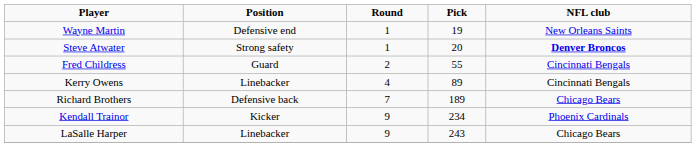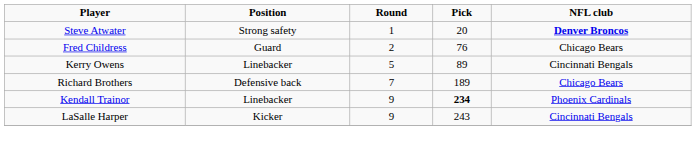 <table class="wikitable" width="80%">
 <tr align="center">
 <td><strong>Player</strong></td>
 <td><strong>Position</strong></td>
 <td><strong>Round</strong></td>
 <td><strong>Pick</strong></td>
 <td><strong>NFL club</strong></td>
-</tr>
-<tr align="center" bgcolor="">
-<td><a href='#'>Wayne Martin</a></td>
-<td>Defensive end</td>
-<td>1</td>
-<td>19</td>
-<td><a href='#'>New Orleans Saints</a></td>
 </tr>
 <tr align="center" bgcolor="">
 <td><a href='#'>Steve Atwater</a></td>
 <td>Strong safety</td>
 <td>1</td>
 <td>20</td>
 <td><strong><a href='#'>Denver Broncos</a></strong></td>
 </tr>
 <tr align="center" bgcolor="">
 <td><a href='#'>Fred Childress</a></td>
 <td>Guard</td>
 <td>2</td>
-<td>55</td>
-<td><a href='#'>Cincinnati Bengals</a></td>
+<td>76</td>
+<td>Chicago Bears</td>
 </tr>
 <tr align="center" bgcolor="">
 <td>Kerry Owens</td>
 <td>Linebacker</td>
-<td>4</td>
+<td>5</td>
 <td>89</td>
 <td>Cincinnati Bengals</td>
 </tr>
 <tr align="center" bgcolor="">
 <td>Richard Brothers</td>
 <td>Defensive back</td>
 <td>7</td>
 <td>189</td>
 <td><a href='#'>Chicago Bears</a></td>
 </tr>
 <tr align="center" bgcolor="">
 <td><a href='#'>Kendall Trainor</a></td>
-<td>Kicker</td>
+<td>Linebacker</td>
 <td>9</td>
-<td>234</td>
+<td><strong>234</strong></td>
 <td><a href='#'>Phoenix Cardinals</a></td>
 </tr>
 <tr align="center" bgcolor="">
 <td>LaSalle Harper</td>
-<td>Linebacker</td>
+<td>Kicker</td>
 <td>9</td>
 <td>243</td>
-<td>Chicago Bears</td>
+<td><a href='#'>Cincinnati Bengals</a></td>
 </tr>
 <tr align="center" bgcolor="">
 </tr>
 </table>
